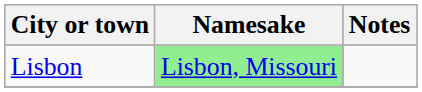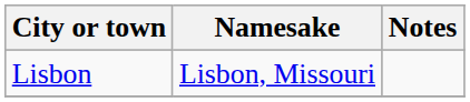 <table class="wikitable">
 <tr>
 <th>City or town</th>
 <th>Namesake</th>
 <th>Notes</th>
 </tr>
 <tr>
 <td><a href='#'>Lisbon</a></td>
-<td style="background: lightgreen;"><a href='#'>Lisbon, Missouri</a></td>
+<td><a href='#'>Lisbon, Missouri</a></td>
 <td></td>
 </tr>
 <tr>
 </tr>
 </table>
